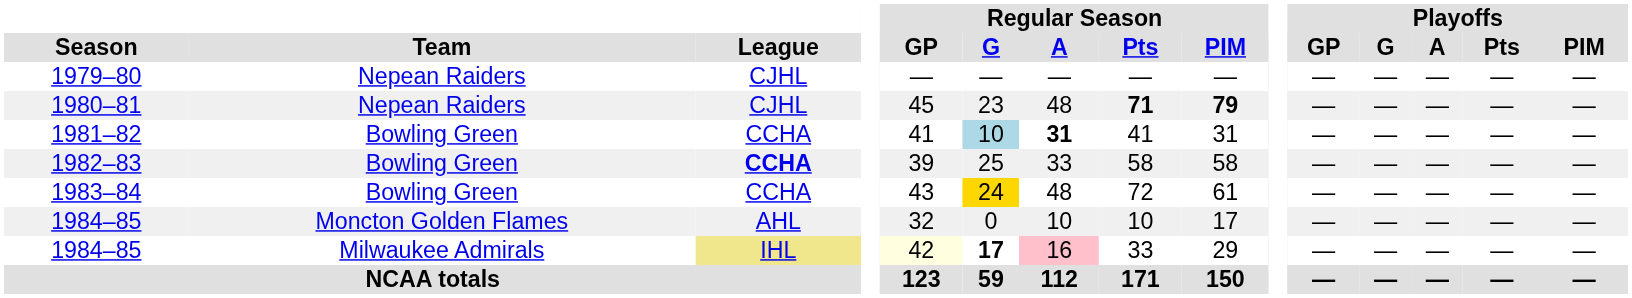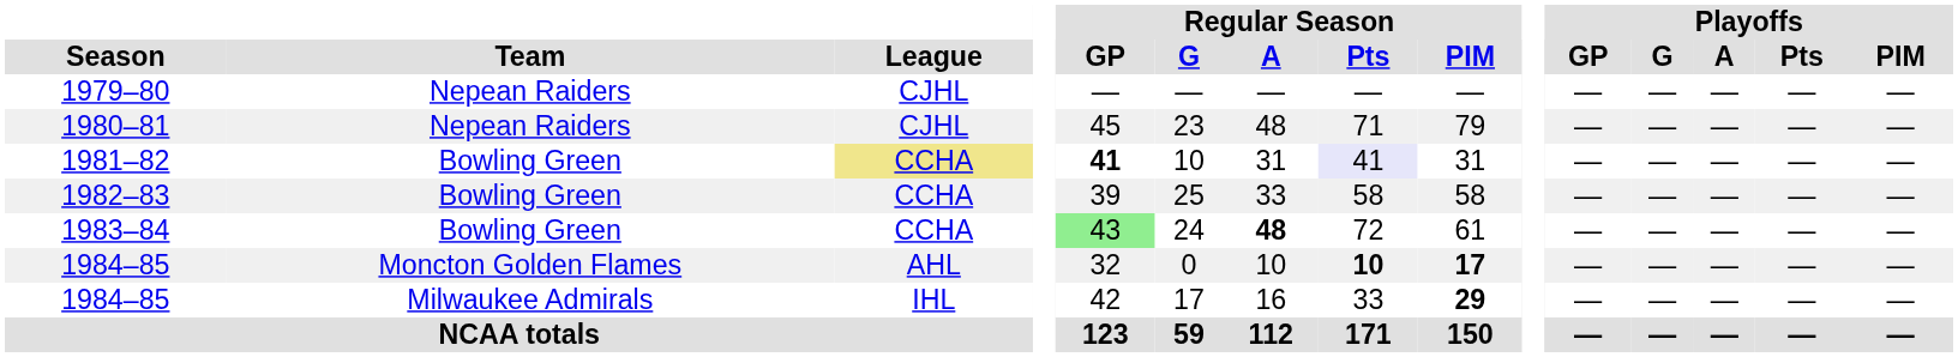 <table border="0" cellpadding="1" cellspacing="0" style="text-align:center; width:70em">
 <tr bgcolor="#e0e0e0">
 <th colspan="3"  bgcolor="#ffffff"> </th>
 <th rowspan="99" bgcolor="#ffffff"> </th>
 <th colspan="5">Regular Season</th>
 <th rowspan="99" bgcolor="#ffffff"> </th>
 <th colspan="5">Playoffs</th>
 </tr>
 <tr bgcolor="#e0e0e0">
 <th>Season</th>
 <th>Team</th>
 <th>League</th>
 <th>GP</th>
 <th><a href='#'>G</a></th>
 <th><a href='#'>A</a></th>
 <th><a href='#'>Pts</a></th>
 <th><a href='#'>PIM</a></th>
 <th>GP</th>
 <th>G</th>
 <th>A</th>
 <th>Pts</th>
 <th>PIM</th>
 </tr>
 <tr>
 <td><a href='#'>1979–80</a></td>
 <td><a href='#'>Nepean Raiders</a></td>
 <td><a href='#'>CJHL</a></td>
 <td>—</td>
 <td>—</td>
 <td>—</td>
 <td>—</td>
 <td>—</td>
 <td>—</td>
 <td>—</td>
 <td>—</td>
 <td>—</td>
 <td>—</td>
 </tr>
 <tr bgcolor="f0f0f0">
 <td><a href='#'>1980–81</a></td>
 <td><a href='#'>Nepean Raiders</a></td>
 <td><a href='#'>CJHL</a></td>
 <td>45</td>
 <td>23</td>
 <td>48</td>
-<td><strong>71</strong></td>
-<td><strong>79</strong></td>
+<td>71</td>
+<td>79</td>
 <td>—</td>
 <td>—</td>
 <td>—</td>
 <td>—</td>
 <td>—</td>
 </tr>
 <tr>
 <td><a href='#'>1981–82</a></td>
 <td><a href='#'>Bowling Green</a></td>
-<td><a href='#'>CCHA</a></td>
-<td>41</td>
-<td style="background: lightblue;">10</td>
-<td><strong>31</strong></td>
-<td>41</td>
+<td style="background: khaki;"><a href='#'>CCHA</a></td>
+<td><strong>41</strong></td>
+<td>10</td>
+<td>31</td>
+<td style="background: lavender;">41</td>
 <td>31</td>
 <td>—</td>
 <td>—</td>
 <td>—</td>
 <td>—</td>
 <td>—</td>
 </tr>
 <tr bgcolor="f0f0f0">
 <td><a href='#'>1982–83</a></td>
 <td><a href='#'>Bowling Green</a></td>
-<td><strong><a href='#'>CCHA</a></strong></td>
+<td><a href='#'>CCHA</a></td>
 <td>39</td>
 <td>25</td>
 <td>33</td>
 <td>58</td>
 <td>58</td>
 <td>—</td>
 <td>—</td>
 <td>—</td>
 <td>—</td>
 <td>—</td>
 </tr>
 <tr>
 <td><a href='#'>1983–84</a></td>
 <td><a href='#'>Bowling Green</a></td>
 <td><a href='#'>CCHA</a></td>
-<td>43</td>
-<td style="background: gold;">24</td>
-<td>48</td>
+<td style="background: lightgreen;">43</td>
+<td>24</td>
+<td><strong>48</strong></td>
 <td>72</td>
 <td>61</td>
 <td>—</td>
 <td>—</td>
 <td>—</td>
 <td>—</td>
 <td>—</td>
 </tr>
 <tr bgcolor="f0f0f0">
 <td><a href='#'>1984–85</a></td>
 <td><a href='#'>Moncton Golden Flames</a></td>
 <td><a href='#'>AHL</a></td>
 <td>32</td>
 <td>0</td>
 <td>10</td>
-<td>10</td>
-<td>17</td>
+<td><strong>10</strong></td>
+<td><strong>17</strong></td>
 <td>—</td>
 <td>—</td>
 <td>—</td>
 <td>—</td>
 <td>—</td>
 </tr>
 <tr>
 <td><a href='#'>1984–85</a></td>
 <td><a href='#'>Milwaukee Admirals</a></td>
-<td style="background: khaki;"><a href='#'>IHL</a></td>
-<td style="background: lightyellow;">42</td>
-<td><strong>17</strong></td>
-<td style="background: pink;">16</td>
+<td><a href='#'>IHL</a></td>
+<td>42</td>
+<td>17</td>
+<td>16</td>
 <td>33</td>
-<td>29</td>
+<td><strong>29</strong></td>
 <td>—</td>
 <td>—</td>
 <td>—</td>
 <td>—</td>
 <td>—</td>
 </tr>
 <tr bgcolor="#e0e0e0">
 <th colspan="3">NCAA totals</th>
 <th>123</th>
 <th>59</th>
 <th>112</th>
 <th>171</th>
 <th>150</th>
 <th>—</th>
 <th>—</th>
 <th>—</th>
 <th>—</th>
 <th>—</th>
 </tr>
 </table>
